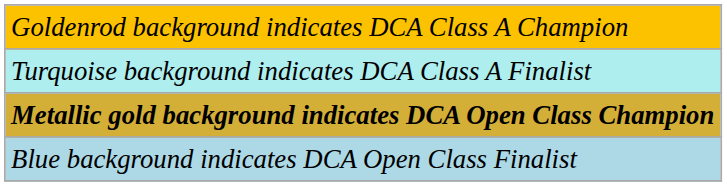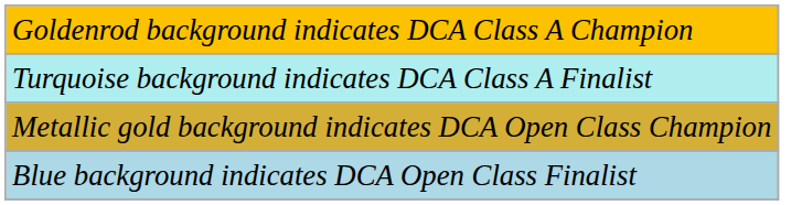 <table class="wikitable" style="font-size:95%;">
 <tr>
 <td style="background-color:#fcc200"><em>Goldenrod background indicates DCA Class A Champion</em></td>
 </tr>
 <tr>
 <td style="background-color:#afeeee"><em>Turquoise background indicates DCA Class A Finalist</em></td>
 </tr>
 <tr>
-<td style="background-color:#d4af37"><strong><em>Metallic gold background indicates DCA Open Class Champion</em></strong></td>
+<td style="background-color:#d4af37"><em>Metallic gold background indicates DCA Open Class Champion</em></td>
 </tr>
 <tr>
 <td style="background-color:#add8e6"><em>Blue background indicates DCA Open Class Finalist</em></td>
 </tr>
 </table>
